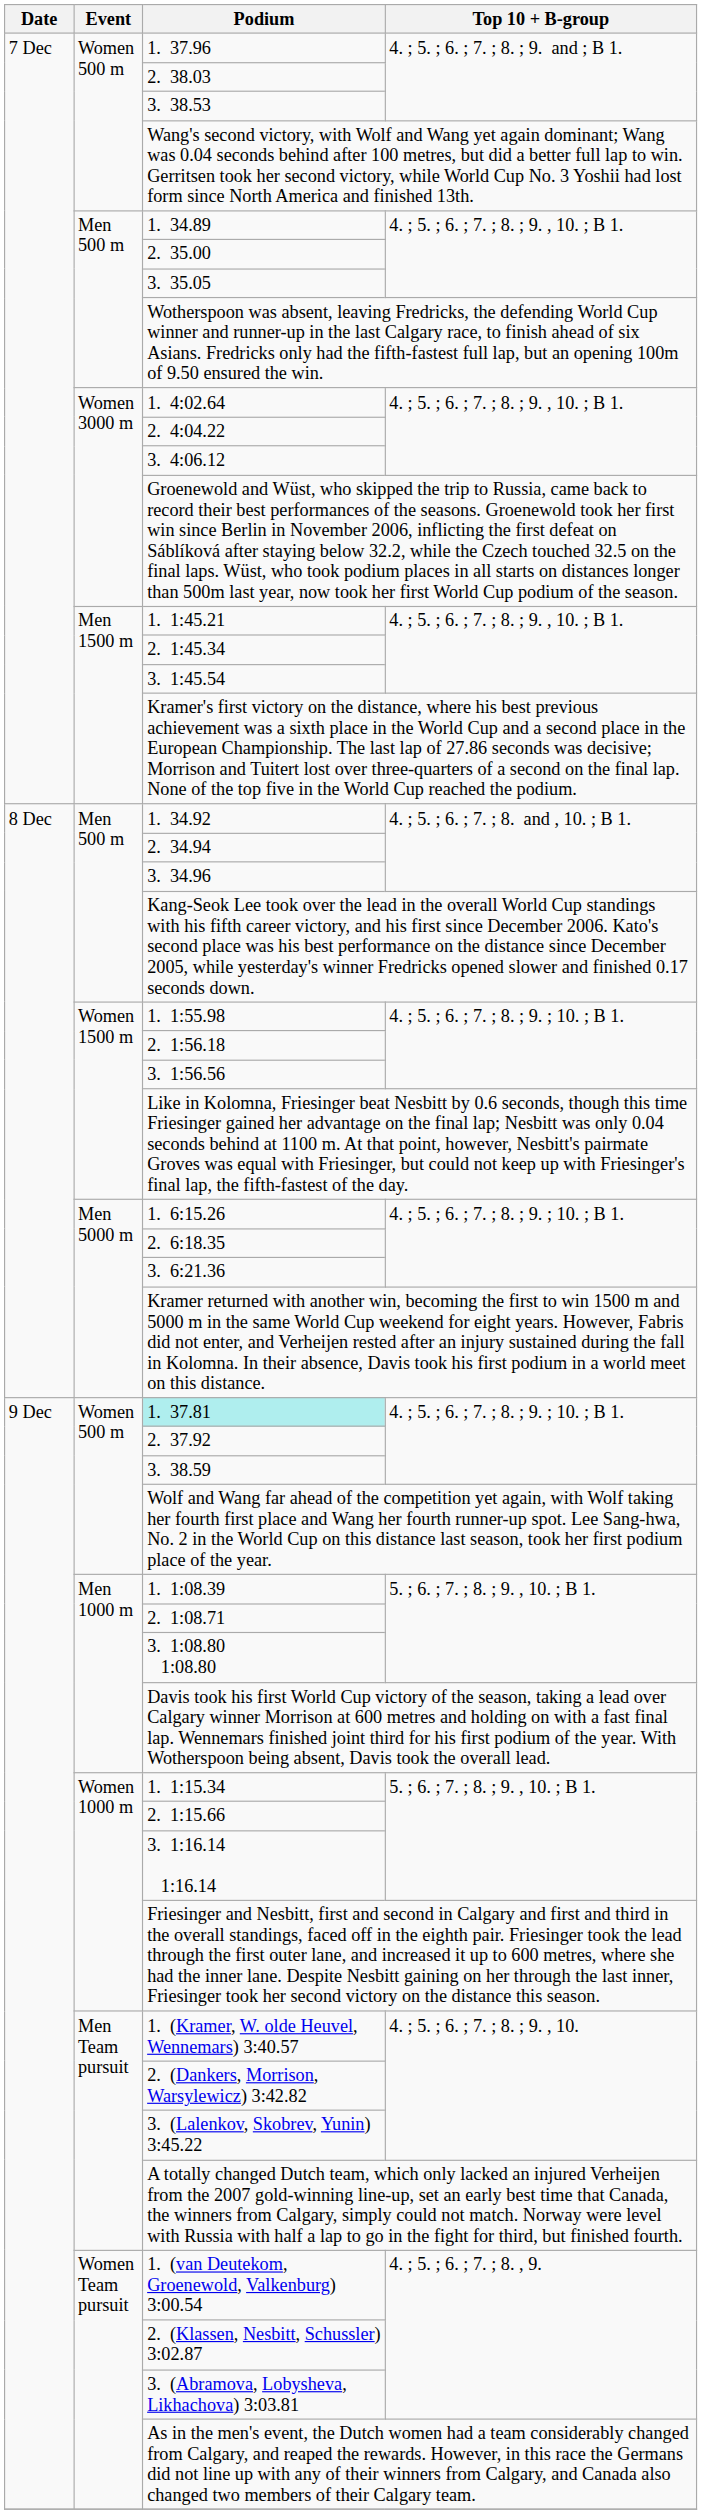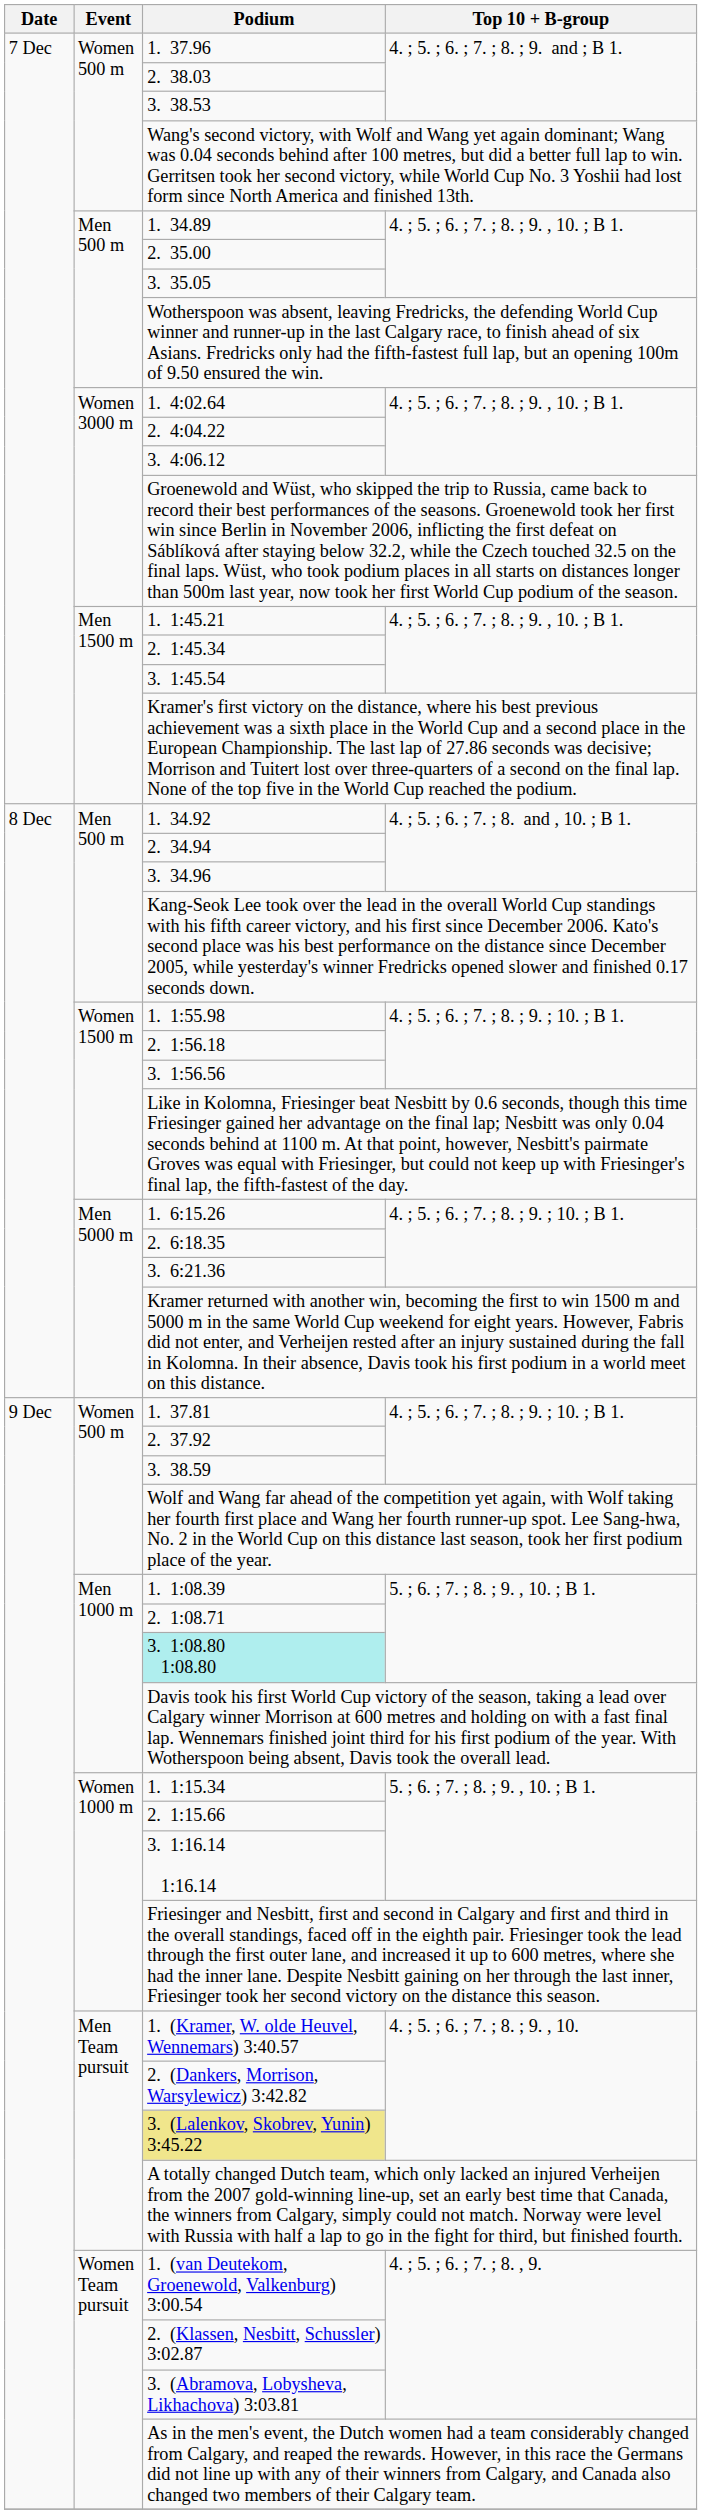 <table class="wikitable">
 <tr>
 <th width="10%">Date</th>
 <th width="10%">Event</th>
 <th width="35%">Podium</th>
 <th width="45%">Top 10 + B-group<br></th>
 </tr>
 <tr valign="top">
 <td rowspan="16">7 Dec</td>
 <td rowspan="4">Women<br>500 m<br></td>
 <td>1.  37.96</td>
 <td rowspan="3">4. ; 5. ; 6. ; 7. ; 8. ; 9.  and ; B 1. </td>
 </tr>
 <tr valign="top">
 <td>2.  38.03</td>
 </tr>
 <tr valign="top">
 <td>3.  38.53</td>
 </tr>
 <tr>
 <td colspan="2">Wang's second victory, with Wolf and Wang yet again dominant; Wang was 0.04 seconds behind after 100 metres, but did a better full lap to win. Gerritsen took her second victory, while World Cup No. 3 Yoshii had lost form since North America and finished 13th.</td>
 </tr>
 <tr valign="top">
 <td rowspan="4">Men<br>500 m<br></td>
 <td>1.  34.89</td>
 <td rowspan="3">4. ; 5. ; 6. ; 7. ; 8. ; 9. , 10. ; B 1. </td>
 </tr>
 <tr valign="top">
 <td>2.  35.00</td>
 </tr>
 <tr valign="top">
 <td>3.  35.05</td>
 </tr>
 <tr>
 <td colspan="2">Wotherspoon was absent, leaving Fredricks, the defending World Cup winner and runner-up in the last Calgary race, to finish ahead of six Asians. Fredricks only had the fifth-fastest full lap, but an opening 100m of 9.50 ensured the win.</td>
 </tr>
 <tr valign="top">
 <td rowspan="4">Women<br>3000 m<br></td>
 <td>1.  4:02.64</td>
 <td rowspan="3">4. ; 5. ; 6. ; 7. ; 8. ; 9. , 10. ; B 1. </td>
 </tr>
 <tr valign="top">
 <td>2.  4:04.22</td>
 </tr>
 <tr valign="top">
 <td>3.  4:06.12</td>
 </tr>
 <tr>
 <td colspan="2">Groenewold and Wüst, who skipped the trip to Russia, came back to record their best performances of the seasons. Groenewold took her first win since Berlin in November 2006, inflicting the first defeat on Sáblíková after staying below 32.2, while the Czech touched 32.5 on the final laps. Wüst, who took podium places in all starts on distances longer than 500m last year, now took her first World Cup podium of the season.</td>
 </tr>
 <tr valign="top">
 <td rowspan="4">Men<br>1500 m<br></td>
 <td>1.  1:45.21</td>
 <td rowspan="3">4. ; 5. ; 6. ; 7. ; 8. ; 9. , 10. ; B 1. </td>
 </tr>
 <tr valign="top">
 <td>2.  1:45.34</td>
 </tr>
 <tr valign="top">
 <td>3.  1:45.54</td>
 </tr>
 <tr>
 <td colspan="2">Kramer's first victory on the distance, where his best previous achievement was a sixth place in the World Cup and a second place in the European Championship. The last lap of 27.86 seconds was decisive; Morrison and Tuitert lost over three-quarters of a second on the final lap. None of the top five in the World Cup reached the podium.<br></td>
 </tr>
 <tr valign="top">
 <td rowspan="12">8 Dec</td>
 <td rowspan="4">Men<br>500 m<br></td>
 <td>1.  34.92</td>
 <td rowspan="3">4. ; 5. ; 6. ; 7. ; 8.  and , 10. ; B 1. </td>
 </tr>
 <tr valign="top">
 <td>2.  34.94</td>
 </tr>
 <tr valign="top">
 <td>3.  34.96</td>
 </tr>
 <tr>
 <td colspan="2">Kang-Seok Lee took over the lead in the overall World Cup standings with his fifth career victory, and his first since December 2006. Kato's second place was his best performance on the distance since December 2005, while yesterday's winner Fredricks opened slower and finished 0.17 seconds down.</td>
 </tr>
 <tr valign="top">
 <td rowspan="4">Women<br>1500 m<br></td>
 <td>1.  1:55.98</td>
 <td rowspan="3">4. ; 5. ; 6. ; 7. ; 8. ; 9. ; 10. ; B 1. </td>
 </tr>
 <tr valign="top">
 <td>2.  1:56.18</td>
 </tr>
 <tr valign="top">
 <td>3.  1:56.56</td>
 </tr>
 <tr>
 <td colspan="2">Like in Kolomna, Friesinger beat Nesbitt by 0.6 seconds, though this time Friesinger gained her advantage on the final lap; Nesbitt was only 0.04 seconds behind at 1100 m. At that point, however, Nesbitt's pairmate Groves was equal with Friesinger, but could not keep up with Friesinger's final lap, the fifth-fastest of the day.</td>
 </tr>
 <tr valign="top">
 <td rowspan="4">Men<br>5000 m<br></td>
 <td>1.  6:15.26</td>
 <td rowspan="3">4. ; 5. ; 6. ; 7. ; 8. ; 9. ; 10. ; B 1. </td>
 </tr>
 <tr valign="top">
 <td>2.  6:18.35</td>
 </tr>
 <tr valign="top">
 <td>3.  6:21.36</td>
 </tr>
 <tr>
 <td colspan="2">Kramer returned with another win, becoming the first to win 1500 m and 5000 m in the same World Cup weekend for eight years. However, Fabris did not enter, and Verheijen rested after an injury sustained during the fall in Kolomna. In their absence, Davis took his first podium in a world meet on this distance.<br></td>
 </tr>
 <tr valign="top">
 <td rowspan="20">9 Dec</td>
 <td rowspan="4">Women<br>500 m<br></td>
-<td style="background: paleturquoise;">1.  37.81</td>
+<td>1.  37.81</td>
 <td rowspan="3">4. ; 5. ; 6. ; 7. ; 8. ; 9. ; 10. ; B 1. </td>
 </tr>
 <tr valign="top">
 <td>2.  37.92</td>
 </tr>
 <tr valign="top">
 <td>3.  38.59</td>
 </tr>
 <tr>
 <td colspan="2">Wolf and Wang far ahead of the competition yet again, with Wolf taking her fourth first place and Wang her fourth runner-up spot. Lee Sang-hwa, No. 2 in the World Cup on this distance last season, took her first podium place of the year.</td>
 </tr>
 <tr valign="top">
 <td rowspan="4">Men<br>1000 m<br></td>
 <td>1.  1:08.39</td>
 <td rowspan="3">5. ; 6. ; 7. ; 8. ; 9. , 10. ; B 1. </td>
 </tr>
 <tr valign="top">
 <td>2.  1:08.71</td>
 </tr>
 <tr valign="top">
-<td>3.  1:08.80<br>   1:08.80</td>
+<td style="background: paleturquoise;">3.  1:08.80<br>   1:08.80</td>
 </tr>
 <tr>
 <td colspan="2">Davis took his first World Cup victory of the season, taking a lead over Calgary winner Morrison at 600 metres and holding on with a fast final lap. Wennemars finished joint third for his first podium of the year. With Wotherspoon being absent, Davis took the overall lead.</td>
 </tr>
 <tr valign="top">
 <td rowspan="4">Women<br>1000 m<br></td>
 <td>1.  1:15.34</td>
 <td rowspan="3">5. ; 6. ; 7. ; 8. ; 9. , 10. ; B 1. </td>
 </tr>
 <tr valign="top">
 <td>2.  1:15.66</td>
 </tr>
 <tr valign="top">
 <td>3.  1:16.14  <br><br>   1:16.14</td>
 </tr>
 <tr>
 <td colspan="2">Friesinger and Nesbitt, first and second in Calgary and first and third in the overall standings, faced off in the eighth pair. Friesinger took the lead through the first outer lane, and increased it up to 600 metres, where she had the inner lane. Despite Nesbitt gaining on her through the last inner, Friesinger took her second victory on the distance this season.</td>
 </tr>
 <tr valign="top">
 <td rowspan="4">Men<br>Team pursuit<br></td>
 <td>1.  (<a href='#'>Kramer</a>, <a href='#'>W. olde Heuvel</a>, <a href='#'>Wennemars</a>) 3:40.57</td>
 <td rowspan="3">4. ; 5. ; 6. ; 7. ; 8. ; 9. , 10. </td>
 </tr>
 <tr valign="top">
 <td>2.  (<a href='#'>Dankers</a>, <a href='#'>Morrison</a>, <a href='#'>Warsylewicz</a>) 3:42.82</td>
 </tr>
 <tr valign="top">
-<td>3.  (<a href='#'>Lalenkov</a>, <a href='#'>Skobrev</a>, <a href='#'>Yunin</a>) 3:45.22</td>
+<td style="background: khaki;">3.  (<a href='#'>Lalenkov</a>, <a href='#'>Skobrev</a>, <a href='#'>Yunin</a>) 3:45.22</td>
 </tr>
 <tr>
 <td colspan="2">A totally changed Dutch team, which only lacked an injured Verheijen from the 2007 gold-winning line-up, set an early best time that Canada, the winners from Calgary, simply could not match. Norway were level with Russia with half a lap to go in the fight for third, but finished fourth.</td>
 </tr>
 <tr valign="top">
 <td rowspan="4">Women<br>Team pursuit<br></td>
 <td>1.  (<a href='#'>van Deutekom</a>, <a href='#'>Groenewold</a>, <a href='#'>Valkenburg</a>) 3:00.54</td>
 <td rowspan="3">4. ; 5. ; 6. ; 7. ; 8. , 9. </td>
 </tr>
 <tr valign="top">
 <td>2.  (<a href='#'>Klassen</a>, <a href='#'>Nesbitt</a>, <a href='#'>Schussler</a>) 3:02.87</td>
 </tr>
 <tr valign="top">
 <td>3.  (<a href='#'>Abramova</a>, <a href='#'>Lobysheva</a>, <a href='#'>Likhachova</a>) 3:03.81</td>
 </tr>
 <tr>
 <td colspan="2">As in the men's event, the Dutch women had a team considerably changed from Calgary, and reaped the rewards. However, in this race the Germans did not line up with any of their winners from Calgary, and Canada also changed two members of their Calgary team.</td>
 </tr>
 <tr>
 </tr>
 </table>
